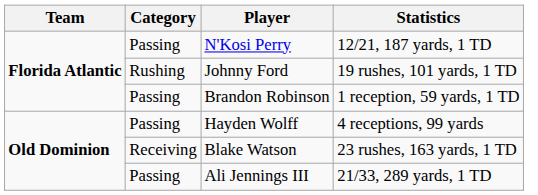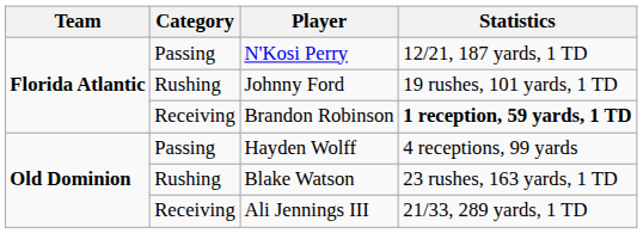 <table class="wikitable" style="float: left;">
 <tr>
 <th>Team</th>
 <th>Category</th>
 <th>Player</th>
 <th>Statistics</th>
 </tr>
 <tr>
 <td rowspan=3><strong>Florida Atlantic</strong></td>
 <td>Passing</td>
 <td><a href='#'>N'Kosi Perry</a></td>
 <td>12/21, 187 yards, 1 TD</td>
 </tr>
 <tr>
 <td>Rushing</td>
 <td>Johnny Ford</td>
 <td>19 rushes, 101 yards, 1 TD</td>
 </tr>
 <tr>
-<td>Passing</td>
+<td>Receiving</td>
 <td>Brandon Robinson</td>
-<td>1 reception, 59 yards, 1 TD</td>
+<td><strong>1 reception, 59 yards, 1 TD</strong></td>
 </tr>
 <tr>
 <td rowspan=3><strong>Old Dominion</strong></td>
 <td>Passing</td>
 <td>Hayden Wolff</td>
 <td>4 receptions, 99 yards</td>
 </tr>
 <tr>
-<td>Receiving</td>
+<td>Rushing</td>
 <td>Blake Watson</td>
 <td>23 rushes, 163 yards, 1 TD</td>
 </tr>
 <tr>
-<td>Passing</td>
+<td>Receiving</td>
 <td>Ali Jennings III</td>
 <td>21/33, 289 yards, 1 TD</td>
 </tr>
 </table>
